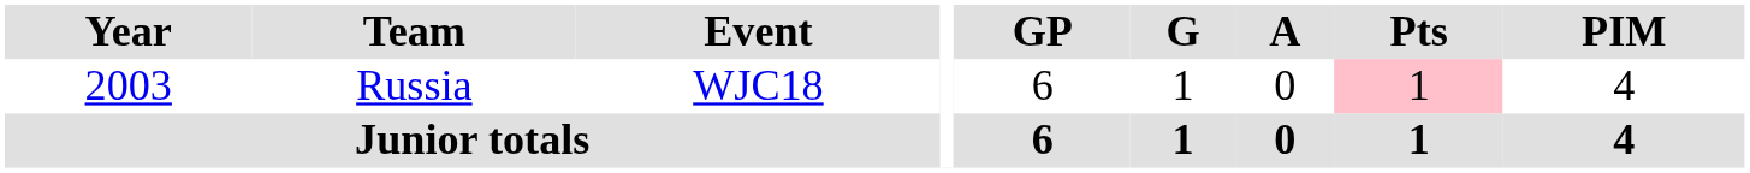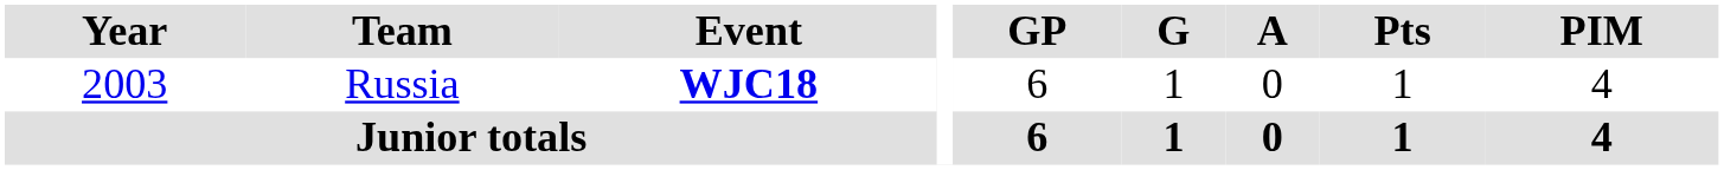 <table border="0" cellpadding="1" cellspacing="0" ID="Table3" style="text-align:center; width:40em">
 <tr ALIGN="center" bgcolor="#e0e0e0">
 <th>Year</th>
 <th>Team</th>
 <th>Event</th>
 <th rowspan="99" bgcolor="#ffffff"></th>
 <th>GP</th>
 <th>G</th>
 <th>A</th>
 <th>Pts</th>
 <th>PIM</th>
 </tr>
 <tr>
 <td><a href='#'>2003</a></td>
 <td><a href='#'>Russia</a></td>
-<td><a href='#'>WJC18</a></td>
+<td><strong><a href='#'>WJC18</a></strong></td>
 <td>6</td>
 <td>1</td>
 <td>0</td>
-<td style="background: pink;">1</td>
+<td>1</td>
 <td>4</td>
 </tr>
 <tr bgcolor="#e0e0e0">
 <th colspan="3">Junior totals</th>
 <th>6</th>
 <th>1</th>
 <th>0</th>
 <th>1</th>
 <th>4</th>
 </tr>
 </table>
